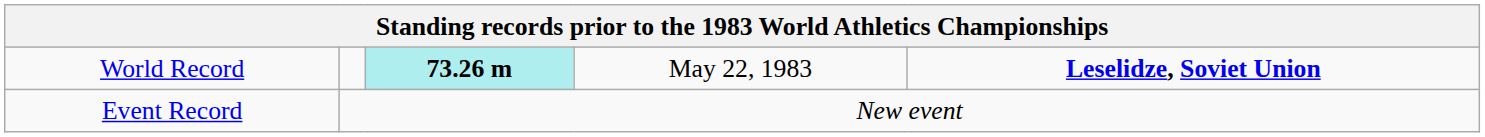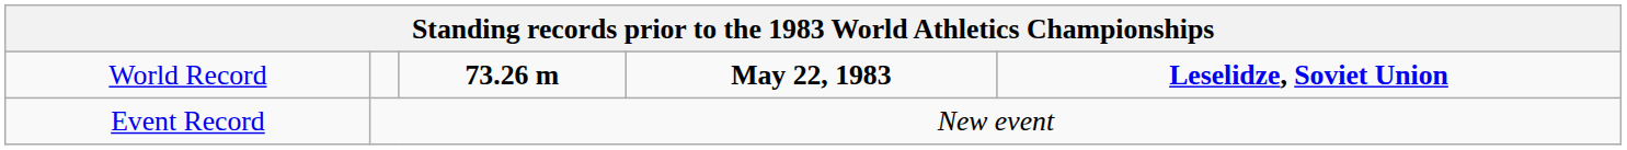 <table class="wikitable" style=" text-align:center; font-size:110%;" width="80%">
 <tr>
 <th colspan="5">Standing records prior to the 1983 World Athletics Championships</th>
 </tr>
 <tr>
 <td><a href='#'>World Record</a></td>
 <td></td>
-<td style="background: paleturquoise;"><strong>73.26 m </strong></td>
-<td>May 22, 1983</td>
+<td><strong>73.26 m </strong></td>
+<td><strong>May 22, 1983</strong></td>
 <td><strong> <a href='#'>Leselidze</a>, <a href='#'>Soviet Union</a></strong></td>
 </tr>
 <tr>
 <td><a href='#'>Event Record</a></td>
 <td colspan="4"><em>New event</em></td>
 </tr>
 </table>
